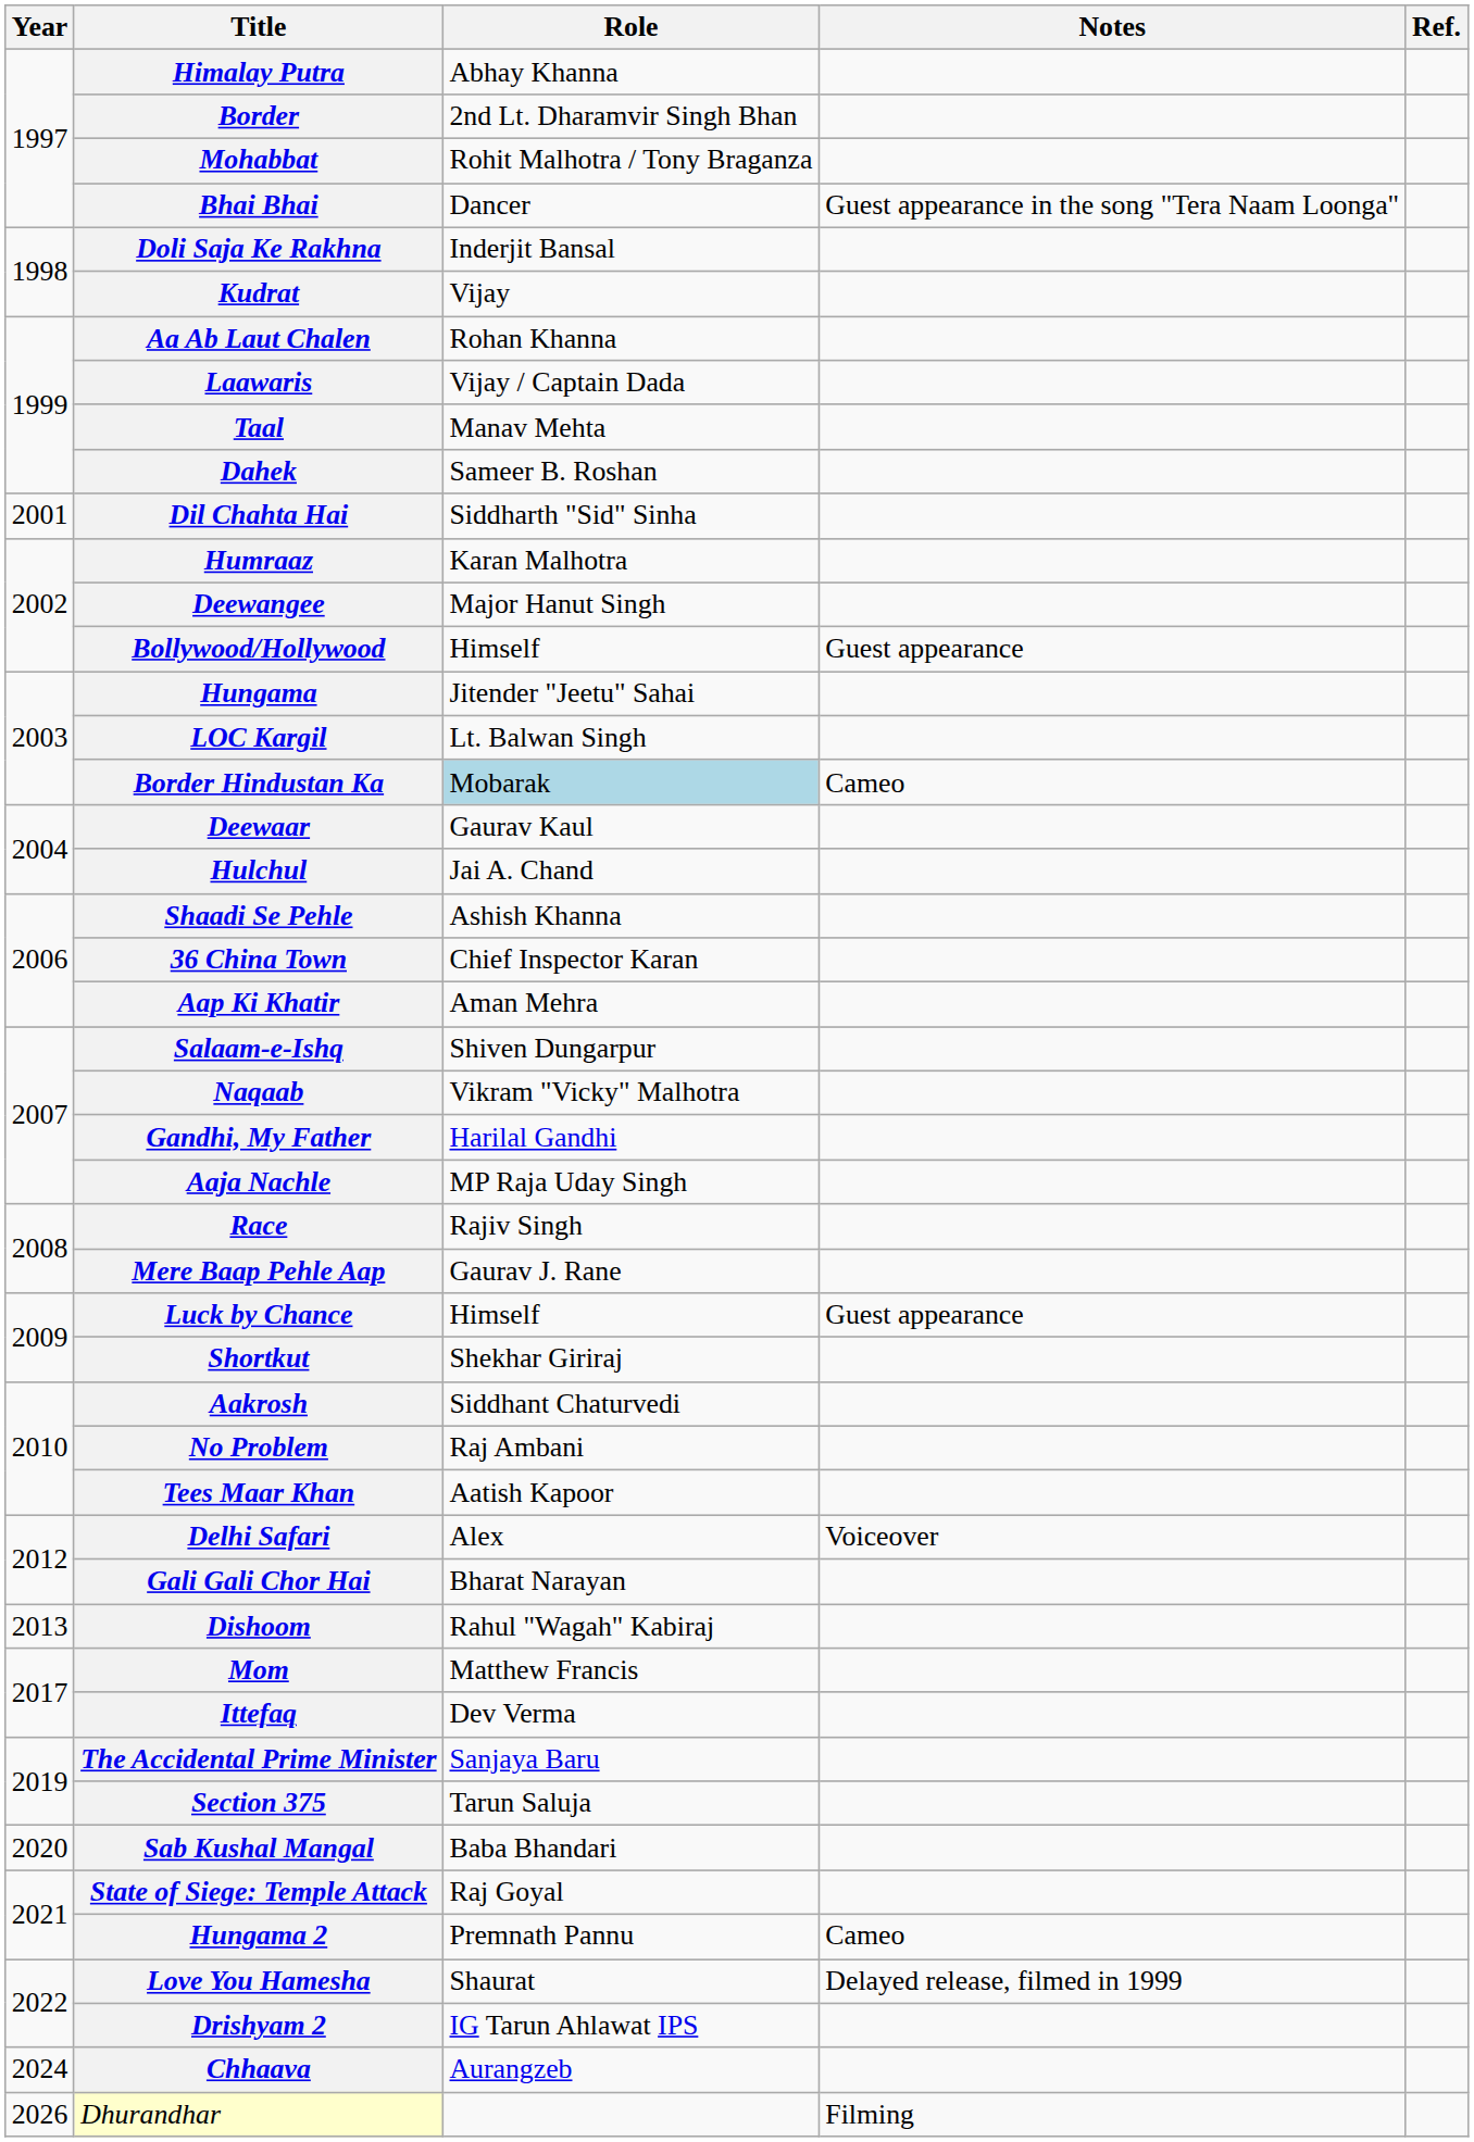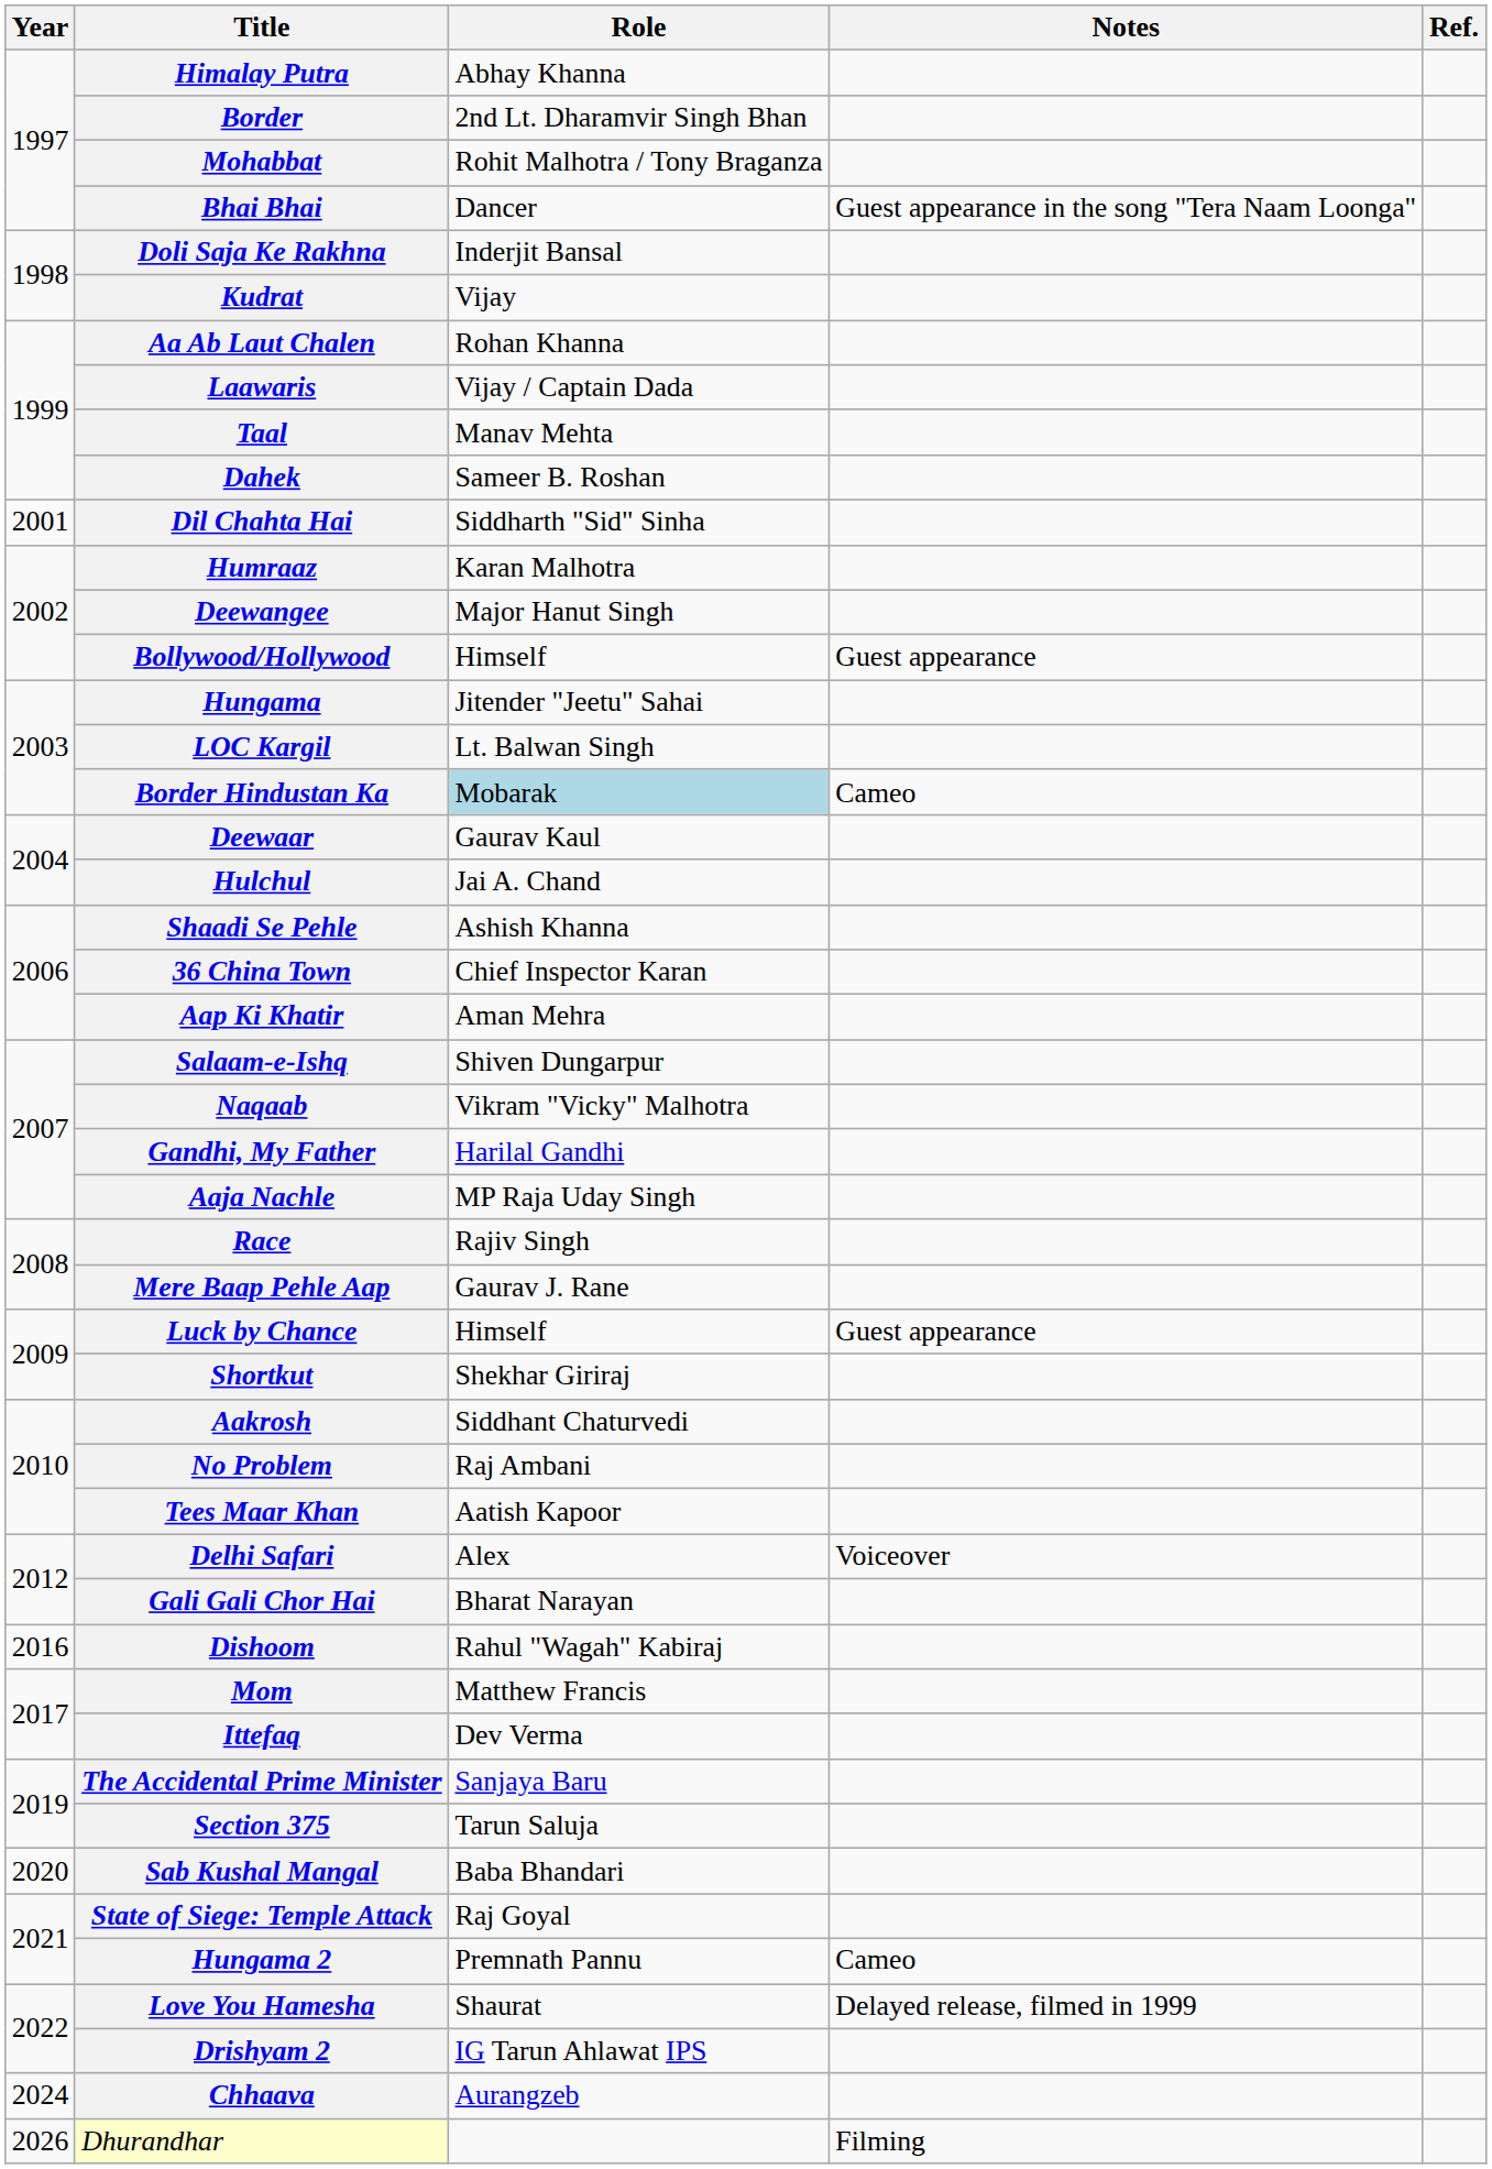 <table class="wikitable sortable plainrowheaders">
 <tr>
 <th>Year</th>
 <th>Title</th>
 <th>Role</th>
 <th class="unsortable">Notes</th>
 <th class="unsortable">Ref.</th>
 </tr>
 <tr>
 <td rowspan="4">1997</td>
 <th scope="row"><em><a href='#'>Himalay Putra</a></em></th>
 <td>Abhay Khanna</td>
 <td></td>
 <td></td>
 </tr>
 <tr>
 <th scope="row"><em><a href='#'>Border</a></em></th>
 <td>2nd Lt. Dharamvir Singh Bhan</td>
 <td></td>
 <td></td>
 </tr>
 <tr>
 <th scope="row"><em><a href='#'>Mohabbat</a></em></th>
 <td>Rohit Malhotra / Tony Braganza</td>
 <td></td>
 <td></td>
 </tr>
 <tr>
 <th scope="row"><em><a href='#'>Bhai Bhai</a></em></th>
 <td>Dancer</td>
 <td>Guest appearance in the song "Tera Naam Loonga"</td>
 <td></td>
 </tr>
 <tr>
 <td rowspan="2">1998</td>
 <th scope="row"><em><a href='#'>Doli Saja Ke Rakhna</a></em></th>
 <td>Inderjit Bansal</td>
 <td></td>
 <td></td>
 </tr>
 <tr>
 <th scope="row"><em><a href='#'>Kudrat</a></em></th>
 <td>Vijay</td>
 <td></td>
 <td></td>
 </tr>
 <tr>
 <td rowspan="4">1999</td>
 <th scope="row"><em><a href='#'>Aa Ab Laut Chalen</a></em></th>
 <td>Rohan Khanna</td>
 <td></td>
 <td></td>
 </tr>
 <tr>
 <th scope="row"><em><a href='#'>Laawaris</a></em></th>
 <td>Vijay / Captain Dada</td>
 <td></td>
 <td></td>
 </tr>
 <tr>
 <th scope="row"><em><a href='#'>Taal</a></em></th>
 <td>Manav Mehta</td>
 <td></td>
 <td></td>
 </tr>
 <tr>
 <th scope="row"><em><a href='#'>Dahek</a></em></th>
 <td>Sameer B. Roshan</td>
 <td></td>
 <td></td>
 </tr>
 <tr>
 <td rowspan="1”">2001</td>
 <th scope="row"><em><a href='#'>Dil Chahta Hai</a></em></th>
 <td>Siddharth "Sid" Sinha</td>
 <td></td>
 <td></td>
 </tr>
 <tr>
 <td rowspan="3">2002</td>
 <th scope="row"><em><a href='#'>Humraaz</a></em></th>
 <td>Karan Malhotra</td>
 <td></td>
 <td></td>
 </tr>
 <tr>
 <th scope="row"><em><a href='#'>Deewangee</a></em></th>
 <td>Major Hanut Singh</td>
 <td></td>
 <td></td>
 </tr>
 <tr>
 <th scope="row"><em><a href='#'>Bollywood/Hollywood</a></em></th>
 <td>Himself</td>
 <td>Guest appearance</td>
 <td></td>
 </tr>
 <tr>
 <td rowspan="3">2003</td>
 <th scope="row"><em><a href='#'>Hungama</a></em></th>
 <td>Jitender "Jeetu" Sahai</td>
 <td></td>
 <td></td>
 </tr>
 <tr>
 <th scope="row"><em><a href='#'>LOC Kargil</a></em></th>
 <td>Lt. Balwan Singh</td>
 <td></td>
 <td></td>
 </tr>
 <tr>
 <th scope="row"><em><a href='#'>Border Hindustan Ka</a></em></th>
 <td style="background: lightblue;">Mobarak</td>
 <td>Cameo</td>
 <td></td>
 </tr>
 <tr>
 <td rowspan="2">2004</td>
 <th scope="row"><em><a href='#'>Deewaar</a></em></th>
 <td>Gaurav Kaul</td>
 <td></td>
 <td></td>
 </tr>
 <tr>
 <th scope="row"><em><a href='#'>Hulchul</a></em></th>
 <td>Jai A. Chand</td>
 <td></td>
 <td></td>
 </tr>
 <tr>
 <td rowspan="3">2006</td>
 <th scope="row"><em><a href='#'>Shaadi Se Pehle</a></em></th>
 <td>Ashish Khanna</td>
 <td></td>
 <td></td>
 </tr>
 <tr>
 <th scope="row"><em><a href='#'>36 China Town</a></em></th>
 <td>Chief Inspector Karan</td>
 <td></td>
 <td></td>
 </tr>
 <tr>
 <th scope="row"><em><a href='#'>Aap Ki Khatir</a></em></th>
 <td>Aman Mehra</td>
 <td></td>
 <td></td>
 </tr>
 <tr>
 <td rowspan="4">2007</td>
 <th scope="row"><em><a href='#'>Salaam-e-Ishq</a></em></th>
 <td>Shiven Dungarpur</td>
 <td></td>
 <td></td>
 </tr>
 <tr>
 <th scope="row"><em><a href='#'>Naqaab</a></em></th>
 <td>Vikram "Vicky" Malhotra</td>
 <td></td>
 <td></td>
 </tr>
 <tr>
 <th scope="row"><em><a href='#'>Gandhi, My Father</a></em></th>
 <td><a href='#'>Harilal Gandhi</a></td>
 <td></td>
 <td></td>
 </tr>
 <tr>
 <th scope="row"><em><a href='#'>Aaja Nachle</a></em></th>
 <td>MP Raja Uday Singh</td>
 <td></td>
 <td></td>
 </tr>
 <tr>
 <td rowspan="2">2008</td>
 <th scope="row"><em><a href='#'>Race</a></em></th>
 <td>Rajiv Singh</td>
 <td></td>
 <td></td>
 </tr>
 <tr>
 <th scope="row"><em><a href='#'>Mere Baap Pehle Aap</a></em></th>
 <td>Gaurav J. Rane</td>
 <td></td>
 <td></td>
 </tr>
 <tr>
 <td rowspan="2">2009</td>
 <th scope="row"><em><a href='#'>Luck by Chance</a></em></th>
 <td>Himself</td>
 <td>Guest appearance</td>
 <td></td>
 </tr>
 <tr>
 <th scope="row"><em><a href='#'>Shortkut</a></em></th>
 <td>Shekhar Giriraj</td>
 <td></td>
 <td></td>
 </tr>
 <tr>
 <td rowspan="3">2010</td>
 <th scope="row"><em><a href='#'>Aakrosh</a></em></th>
 <td>Siddhant Chaturvedi</td>
 <td></td>
 <td></td>
 </tr>
 <tr>
 <th scope="row"><em><a href='#'>No Problem</a></em></th>
 <td>Raj Ambani</td>
 <td></td>
 <td></td>
 </tr>
 <tr>
 <th scope="row"><em><a href='#'>Tees Maar Khan</a></em></th>
 <td>Aatish Kapoor</td>
 <td></td>
 <td></td>
 </tr>
 <tr>
 <td rowspan="2">2012</td>
 <th scope="row"><em><a href='#'>Delhi Safari</a></em></th>
 <td>Alex</td>
 <td>Voiceover</td>
 <td></td>
 </tr>
 <tr>
 <th scope="row"><em><a href='#'>Gali Gali Chor Hai</a></em></th>
 <td>Bharat Narayan</td>
 <td></td>
 <td></td>
 </tr>
 <tr>
-<td>2013</td>
+<td>2016</td>
 <th scope="row"><em><a href='#'>Dishoom</a></em></th>
 <td>Rahul "Wagah" Kabiraj</td>
 <td></td>
 <td></td>
 </tr>
 <tr>
 <td rowspan="2">2017</td>
 <th scope="row"><em><a href='#'>Mom</a></em></th>
 <td>Matthew Francis</td>
 <td></td>
 <td></td>
 </tr>
 <tr>
 <th scope="row"><em><a href='#'>Ittefaq</a></em></th>
 <td>Dev Verma</td>
 <td></td>
 <td></td>
 </tr>
 <tr>
 <td rowspan="2">2019</td>
 <th scope="row"><em><a href='#'>The Accidental Prime Minister</a></em></th>
 <td><a href='#'>Sanjaya Baru</a></td>
 <td></td>
 <td></td>
 </tr>
 <tr>
 <th scope="row"><em><a href='#'>Section 375</a></em></th>
 <td>Tarun Saluja</td>
 <td></td>
 <td></td>
 </tr>
 <tr>
 <td>2020</td>
 <th scope="row"><em><a href='#'>Sab Kushal Mangal</a></em></th>
 <td>Baba Bhandari</td>
 <td></td>
 <td></td>
 </tr>
 <tr>
 <td rowspan="2">2021</td>
 <th scope="row"><em><a href='#'>State of Siege: Temple Attack</a></em></th>
 <td>Raj Goyal</td>
 <td></td>
 <td></td>
 </tr>
 <tr>
 <th scope="row"><em><a href='#'>Hungama 2</a></em></th>
 <td>Premnath Pannu</td>
 <td>Cameo</td>
 <td></td>
 </tr>
 <tr>
 <td rowspan="2">2022</td>
 <th scope="row"><em><a href='#'>Love You Hamesha</a></em></th>
 <td>Shaurat</td>
 <td>Delayed release, filmed in 1999</td>
 <td></td>
 </tr>
 <tr>
 <th scope="row"><em><a href='#'>Drishyam 2</a></em></th>
 <td><a href='#'>IG</a> Tarun Ahlawat <a href='#'>IPS</a></td>
 <td></td>
 <td></td>
 </tr>
 <tr>
 <td>2024</td>
 <th scope="row"><em><a href='#'>Chhaava</a></em></th>
 <td><a href='#'>Aurangzeb</a></td>
 <td></td>
 <td></td>
 </tr>
 <tr>
 <td>2026</td>
 <td style="background:#ffc;"><em>Dhurandhar</em> </td>
 <td></td>
 <td>Filming</td>
 <td></td>
 </tr>
 </table>
